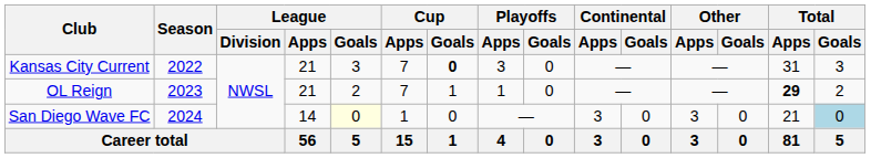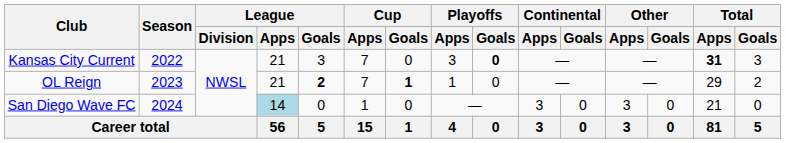 <table class="wikitable" style="text-align: center;">
 <tr>
 <th rowspan="2">Club</th>
 <th rowspan="2">Season</th>
 <th colspan="3">League</th>
 <th colspan="2">Cup</th>
 <th colspan="2">Playoffs</th>
 <th colspan="2">Continental</th>
 <th colspan="2">Other</th>
 <th colspan="2">Total</th>
 </tr>
 <tr>
 <th>Division</th>
 <th>Apps</th>
 <th>Goals</th>
 <th>Apps</th>
 <th>Goals</th>
 <th>Apps</th>
 <th>Goals</th>
 <th>Apps</th>
 <th>Goals</th>
 <th>Apps</th>
 <th>Goals</th>
 <th>Apps</th>
 <th>Goals</th>
 </tr>
 <tr>
 <td><a href='#'>Kansas City Current</a></td>
 <td><a href='#'>2022</a></td>
 <td rowspan="3"><a href='#'>NWSL</a></td>
 <td>21</td>
 <td>3</td>
 <td>7</td>
+<td>0</td>
+<td>3</td>
 <td><strong>0</strong></td>
-<td>3</td>
-<td>0</td>
 <td colspan="2">—</td>
 <td colspan="2">—</td>
-<td>31</td>
+<td><strong>31</strong></td>
 <td>3</td>
 </tr>
 <tr>
 <td><a href='#'>OL Reign</a></td>
 <td><a href='#'>2023</a></td>
 <td>21</td>
-<td>2</td>
+<td><strong>2</strong></td>
 <td>7</td>
-<td>1</td>
+<td><strong>1</strong></td>
 <td>1</td>
 <td>0</td>
 <td colspan="2">—</td>
 <td colspan="2">—</td>
-<td><strong>29</strong></td>
+<td>29</td>
 <td>2</td>
 </tr>
 <tr>
 <td><a href='#'>San Diego Wave FC</a></td>
 <td><a href='#'>2024</a></td>
-<td>14</td>
-<td style="background: lightyellow;">0</td>
+<td style="background: lightblue;">14</td>
+<td>0</td>
 <td>1</td>
 <td>0</td>
 <td colspan="2">—</td>
 <td>3</td>
 <td>0</td>
 <td>3</td>
 <td>0</td>
 <td>21</td>
-<td style="background: lightblue;">0</td>
+<td>0</td>
 </tr>
 <tr>
 <th colspan="3">Career total</th>
 <th>56</th>
 <th>5</th>
 <th>15</th>
 <th>1</th>
 <th>4</th>
 <th>0</th>
 <th>3</th>
 <th>0</th>
 <th>3</th>
 <th>0</th>
 <th>81</th>
 <th>5</th>
 </tr>
 </table>
